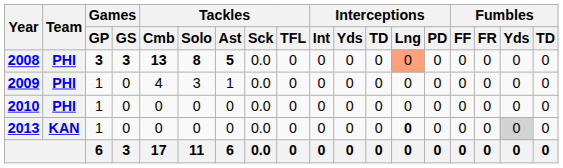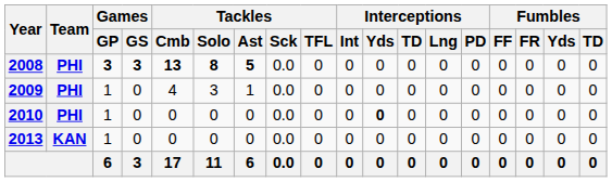 <table class="wikitable" style="text-align:center">
 <tr>
 <th rowspan="2">Year</th>
 <th rowspan="2">Team</th>
 <th colspan="2">Games</th>
 <th colspan="5">Tackles</th>
 <th colspan="5">Interceptions</th>
 <th colspan="4">Fumbles</th>
 </tr>
 <tr>
 <th>GP</th>
 <th>GS</th>
 <th>Cmb</th>
 <th>Solo</th>
 <th>Ast</th>
 <th>Sck</th>
 <th>TFL</th>
 <th>Int</th>
 <th>Yds</th>
 <th>TD</th>
 <th>Lng</th>
 <th>PD</th>
 <th>FF</th>
 <th>FR</th>
 <th>Yds</th>
 <th>TD</th>
 </tr>
 <tr>
 <th><a href='#'>2008</a></th>
 <th><a href='#'>PHI</a></th>
 <td><strong>3</strong></td>
 <td><strong>3</strong></td>
 <td><strong>13</strong></td>
 <td><strong>8</strong></td>
 <td><strong>5</strong></td>
 <td>0.0</td>
 <td>0</td>
 <td>0</td>
 <td>0</td>
 <td>0</td>
-<td style="background: lightsalmon;">0</td>
+<td>0</td>
 <td>0</td>
 <td>0</td>
 <td>0</td>
 <td>0</td>
 <td>0</td>
 </tr>
 <tr>
 <th><a href='#'>2009</a></th>
 <th><a href='#'>PHI</a></th>
 <td>1</td>
 <td>0</td>
 <td>4</td>
 <td>3</td>
 <td>1</td>
 <td>0.0</td>
 <td>0</td>
 <td>0</td>
 <td>0</td>
 <td>0</td>
 <td>0</td>
 <td>0</td>
 <td>0</td>
 <td>0</td>
 <td>0</td>
 <td>0</td>
 </tr>
 <tr>
 <th><a href='#'>2010</a></th>
 <th><a href='#'>PHI</a></th>
 <td>1</td>
 <td>0</td>
 <td>0</td>
 <td>0</td>
 <td>0</td>
 <td>0.0</td>
 <td>0</td>
 <td>0</td>
-<td>0</td>
+<td><strong>0</strong></td>
 <td>0</td>
 <td>0</td>
 <td>0</td>
 <td>0</td>
 <td>0</td>
 <td>0</td>
 <td>0</td>
 </tr>
 <tr>
 <th><a href='#'>2013</a></th>
 <th><a href='#'>KAN</a></th>
 <td>1</td>
 <td>0</td>
 <td>0</td>
 <td>0</td>
 <td>0</td>
 <td>0.0</td>
 <td>0</td>
 <td>0</td>
 <td>0</td>
 <td>0</td>
-<td><strong>0</strong></td>
 <td>0</td>
 <td>0</td>
 <td>0</td>
-<td style="background: lightgrey;">0</td>
+<td>0</td>
+<td>0</td>
 <td>0</td>
 </tr>
 <tr>
 <th colspan="2"></th>
 <th>6</th>
 <th>3</th>
 <th>17</th>
 <th>11</th>
 <th>6</th>
 <th>0.0</th>
 <th>0</th>
 <th>0</th>
 <th>0</th>
 <th>0</th>
 <th>0</th>
 <th>0</th>
 <th>0</th>
 <th>0</th>
 <th>0</th>
 <th>0</th>
 </tr>
 </table>
